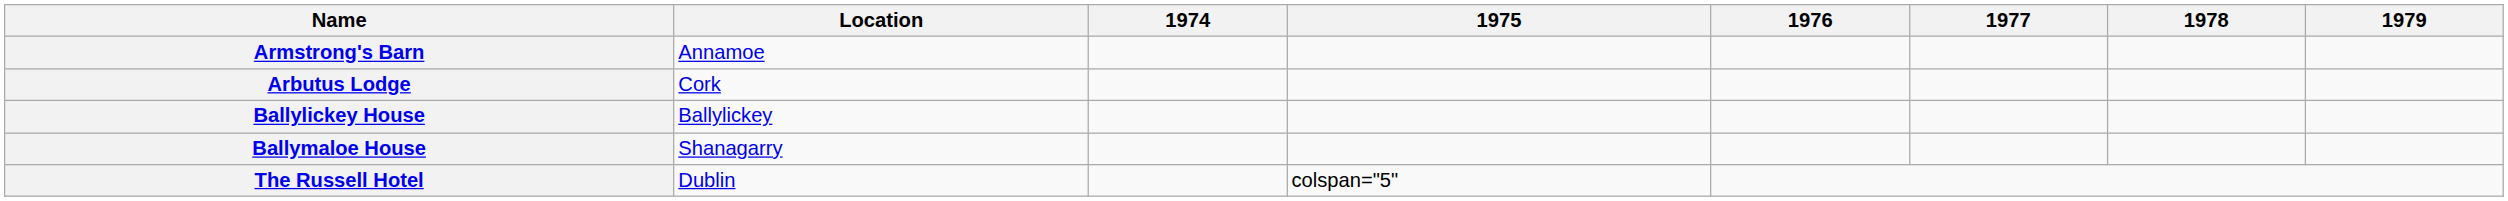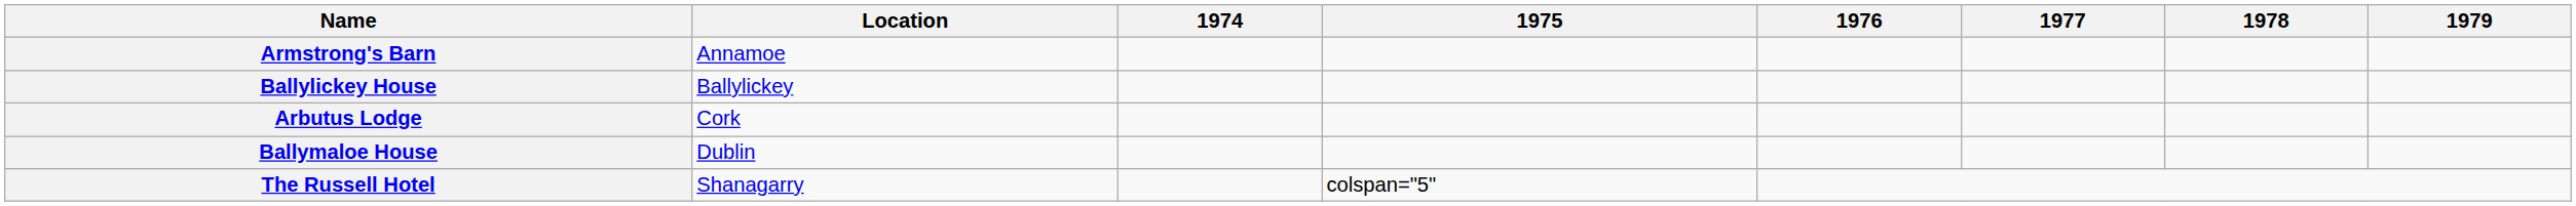 <table class="wikitable sortable plainrowheaders" style="width:100%;">
 <tr>
 <th scope="col">Name</th>
 <th scope="col">Location</th>
 <th scope="col">1974</th>
 <th scope="col">1975</th>
 <th scope="col">1976</th>
 <th scope="col">1977</th>
 <th scope="col">1978</th>
 <th scope="col">1979</th>
 </tr>
 <tr>
 <th scope="row"><a href='#'>Armstrong's Barn</a></th>
 <td><a href='#'>Annamoe</a></td>
 <td></td>
 <td></td>
 <td></td>
 <td></td>
 <td></td>
 <td></td>
 </tr>
 <tr>
+<th scope="row"><a href='#'>Ballylickey House</a></th>
+<td><a href='#'>Ballylickey</a></td>
+<td></td>
+<td></td>
+<td></td>
+<td></td>
+<td></td>
+<td></td>
+</tr>
+<tr>
 <th scope="row"><a href='#'>Arbutus Lodge</a></th>
 <td><a href='#'>Cork</a></td>
 <td></td>
 <td></td>
 <td></td>
 <td></td>
 <td></td>
 <td></td>
 </tr>
 <tr>
-<th scope="row"><a href='#'>Ballylickey House</a></th>
-<td><a href='#'>Ballylickey</a></td>
-<td></td>
-<td></td>
-<td></td>
-<td></td>
-<td></td>
-<td></td>
-</tr>
-<tr>
 <th scope="row"><a href='#'>Ballymaloe House</a></th>
-<td><a href='#'>Shanagarry</a></td>
+<td><a href='#'>Dublin</a></td>
 <td></td>
 <td></td>
 <td></td>
 <td></td>
 <td></td>
 <td></td>
 </tr>
 <tr>
 <th scope="row"><a href='#'>The Russell Hotel</a></th>
-<td><a href='#'>Dublin</a></td>
+<td><a href='#'>Shanagarry</a></td>
 <td></td>
 <td>colspan="5" </td>
 </tr>
 </table>
